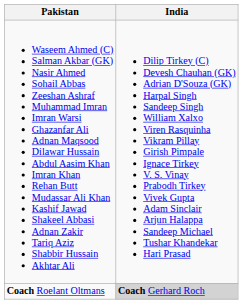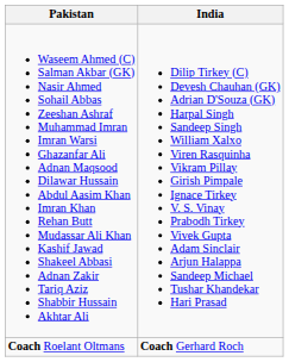 <table class="wikitable">
 <tr>
 <th> Pakistan</th>
 <th> India</th>
 </tr>
 <tr>
 <td><br><ul><li><a href='#'>Waseem Ahmed (C)</a></li><li><a href='#'>Salman Akbar (GK)</a></li><li><a href='#'>Nasir Ahmed</a></li><li><a href='#'>Sohail Abbas</a></li><li><a href='#'>Zeeshan Ashraf</a></li><li><a href='#'>Muhammad Imran</a></li><li><a href='#'>Imran Warsi</a></li><li><a href='#'>Ghazanfar Ali</a></li><li><a href='#'>Adnan Maqsood</a></li><li><a href='#'>Dilawar Hussain</a></li><li><a href='#'>Abdul Aasim Khan</a></li><li><a href='#'>Imran Khan</a></li><li><a href='#'>Rehan Butt</a></li><li><a href='#'>Mudassar Ali Khan</a></li><li><a href='#'>Kashif Jawad</a></li><li><a href='#'>Shakeel Abbasi</a></li><li><a href='#'>Adnan Zakir</a></li><li><a href='#'>Tariq Aziz</a></li><li><a href='#'>Shabbir Hussain</a></li><li><a href='#'>Akhtar Ali</a></li></ul></td>
 <td><br><ul><li><a href='#'>Dilip Tirkey (C)</a></li><li><a href='#'>Devesh Chauhan (GK)</a></li><li><a href='#'>Adrian D'Souza (GK)</a></li><li><a href='#'>Harpal Singh</a></li><li><a href='#'>Sandeep Singh</a></li><li><a href='#'>William Xalxo</a></li><li><a href='#'>Viren Rasquinha</a></li><li><a href='#'>Vikram Pillay</a></li><li><a href='#'>Girish Pimpale</a></li><li><a href='#'>Ignace Tirkey</a></li><li><a href='#'>V. S. Vinay</a></li><li><a href='#'>Prabodh Tirkey</a></li><li><a href='#'>Vivek Gupta</a></li><li><a href='#'>Adam Sinclair</a></li><li><a href='#'>Arjun Halappa</a></li><li><a href='#'>Sandeep Michael</a></li><li><a href='#'>Tushar Khandekar</a></li><li><a href='#'>Hari Prasad</a></li></ul></td>
 </tr>
 <tr>
 <td><strong>Coach</strong>  <a href='#'>Roelant Oltmans</a></td>
-<td style="background: lightgrey;"><strong>Coach</strong>  <a href='#'>Gerhard Roch</a></td>
+<td><strong>Coach</strong>  <a href='#'>Gerhard Roch</a></td>
 </tr>
 </table>
